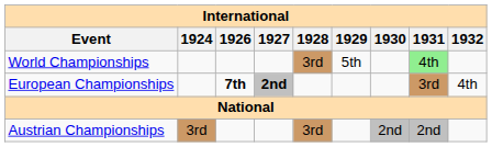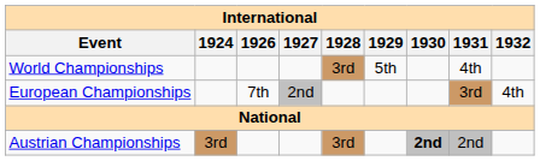 <table class="wikitable" style="text-align:center">
 <tr>
 <th style="background-color: #ffdead; " colspan=9 align=center>International</th>
 </tr>
 <tr>
 <th>Event</th>
 <th>1924</th>
 <th>1926</th>
 <th>1927</th>
 <th>1928</th>
 <th>1929</th>
 <th>1930</th>
 <th>1931</th>
 <th>1932</th>
 </tr>
 <tr>
 <td align=left><a href='#'>World Championships</a></td>
 <td></td>
 <td></td>
 <td></td>
 <td bgcolor=cc9966>3rd</td>
 <td>5th</td>
 <td></td>
-<td style="background: lightgreen;">4th</td>
+<td>4th</td>
 <td></td>
 </tr>
 <tr>
 <td align=left><a href='#'>European Championships</a></td>
 <td></td>
-<td><strong>7th</strong></td>
-<td bgcolor=silver><strong>2nd</strong></td>
+<td>7th</td>
+<td bgcolor=silver>2nd</td>
 <td></td>
 <td></td>
 <td></td>
 <td bgcolor=cc9966>3rd</td>
 <td>4th</td>
 </tr>
 <tr>
 <th style="background-color: #ffdead; " colspan=9 align=center>National</th>
 </tr>
 <tr>
 <td align=left><a href='#'>Austrian Championships</a></td>
 <td bgcolor=cc9966>3rd</td>
 <td></td>
 <td></td>
 <td bgcolor=cc9966>3rd</td>
 <td></td>
-<td bgcolor=silver>2nd</td>
+<td bgcolor=silver><strong>2nd</strong></td>
 <td bgcolor=silver>2nd</td>
 <td></td>
 </tr>
 </table>
